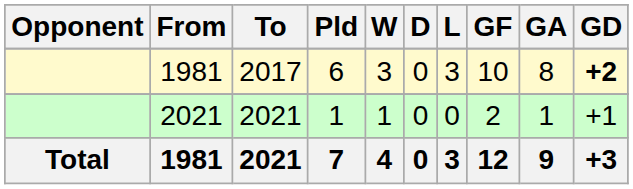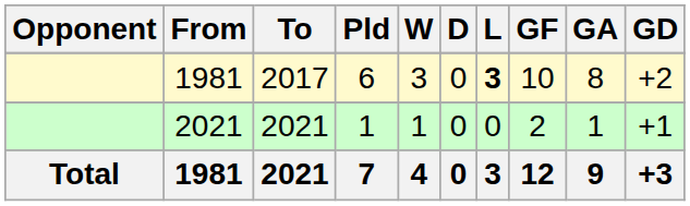 <table class="sortable wikitable collapsible collapsed" style="text-align:center;">
 <tr>
 <th>Opponent</th>
 <th>From</th>
 <th>To</th>
 <th>Pld</th>
 <th>W</th>
 <th>D</th>
 <th>L</th>
 <th>GF</th>
 <th>GA</th>
 <th>GD</th>
 </tr>
 <tr>
 </tr>
 <tr bgcolor=FFFACD>
 <td align="left"></td>
 <td>1981</td>
 <td>2017</td>
 <td>6</td>
 <td>3</td>
 <td>0</td>
-<td>3</td>
+<td><strong>3</strong></td>
 <td>10</td>
 <td>8</td>
-<td><strong>+2</strong></td>
+<td>+2</td>
 </tr>
 <tr>
 </tr>
 <tr bgcolor=CCFFCC>
 <td align="left"></td>
 <td>2021</td>
 <td>2021</td>
 <td>1</td>
 <td>1</td>
 <td>0</td>
 <td>0</td>
 <td>2</td>
 <td>1</td>
 <td>+1</td>
 </tr>
 <tr>
 <th><strong>Total</strong></th>
 <th>1981</th>
 <th>2021</th>
 <th>7</th>
 <th>4</th>
 <th>0</th>
 <th>3</th>
 <th>12</th>
 <th>9</th>
 <th>+3</th>
 </tr>
 </table>
